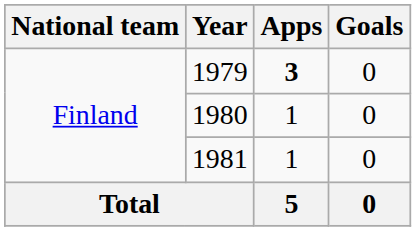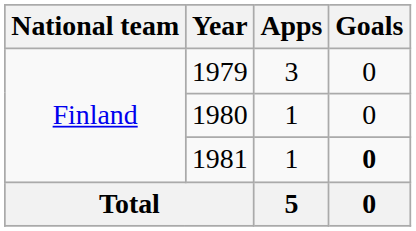 <table class="wikitable" style="text-align:center">
 <tr>
 <th>National team</th>
 <th>Year</th>
 <th>Apps</th>
 <th>Goals</th>
 </tr>
 <tr>
 <td rowspan="3"><a href='#'>Finland</a></td>
 <td>1979</td>
-<td><strong>3</strong></td>
+<td>3</td>
 <td>0</td>
 </tr>
 <tr>
 <td>1980</td>
 <td>1</td>
 <td>0</td>
 </tr>
 <tr>
 <td>1981</td>
 <td>1</td>
-<td>0</td>
+<td><strong>0</strong></td>
 </tr>
 <tr>
 <th colspan="2">Total</th>
 <th>5</th>
 <th>0</th>
 </tr>
 </table>
